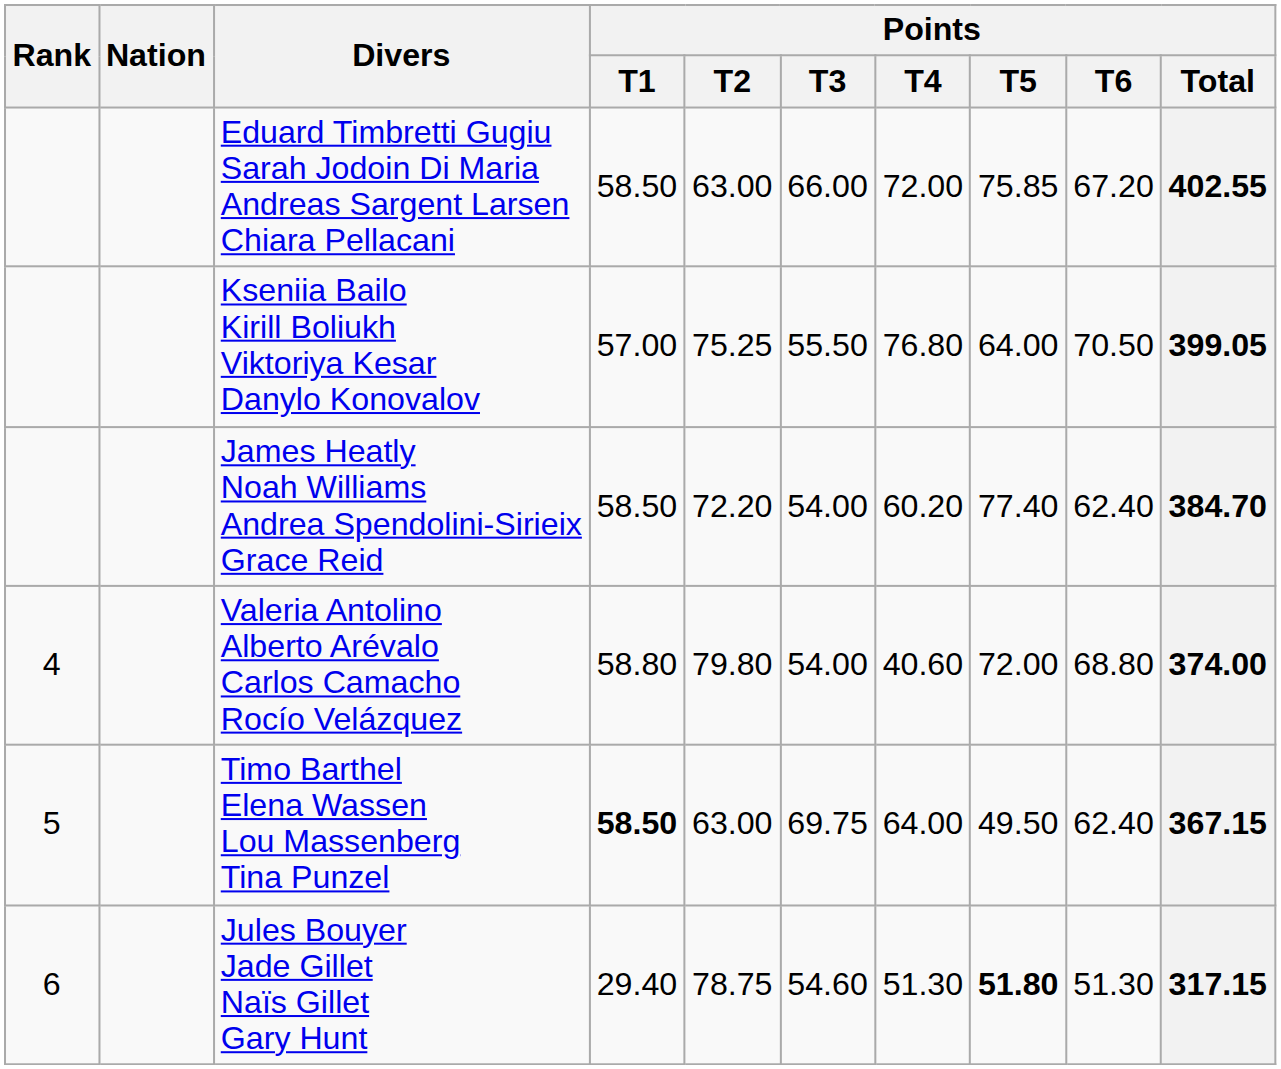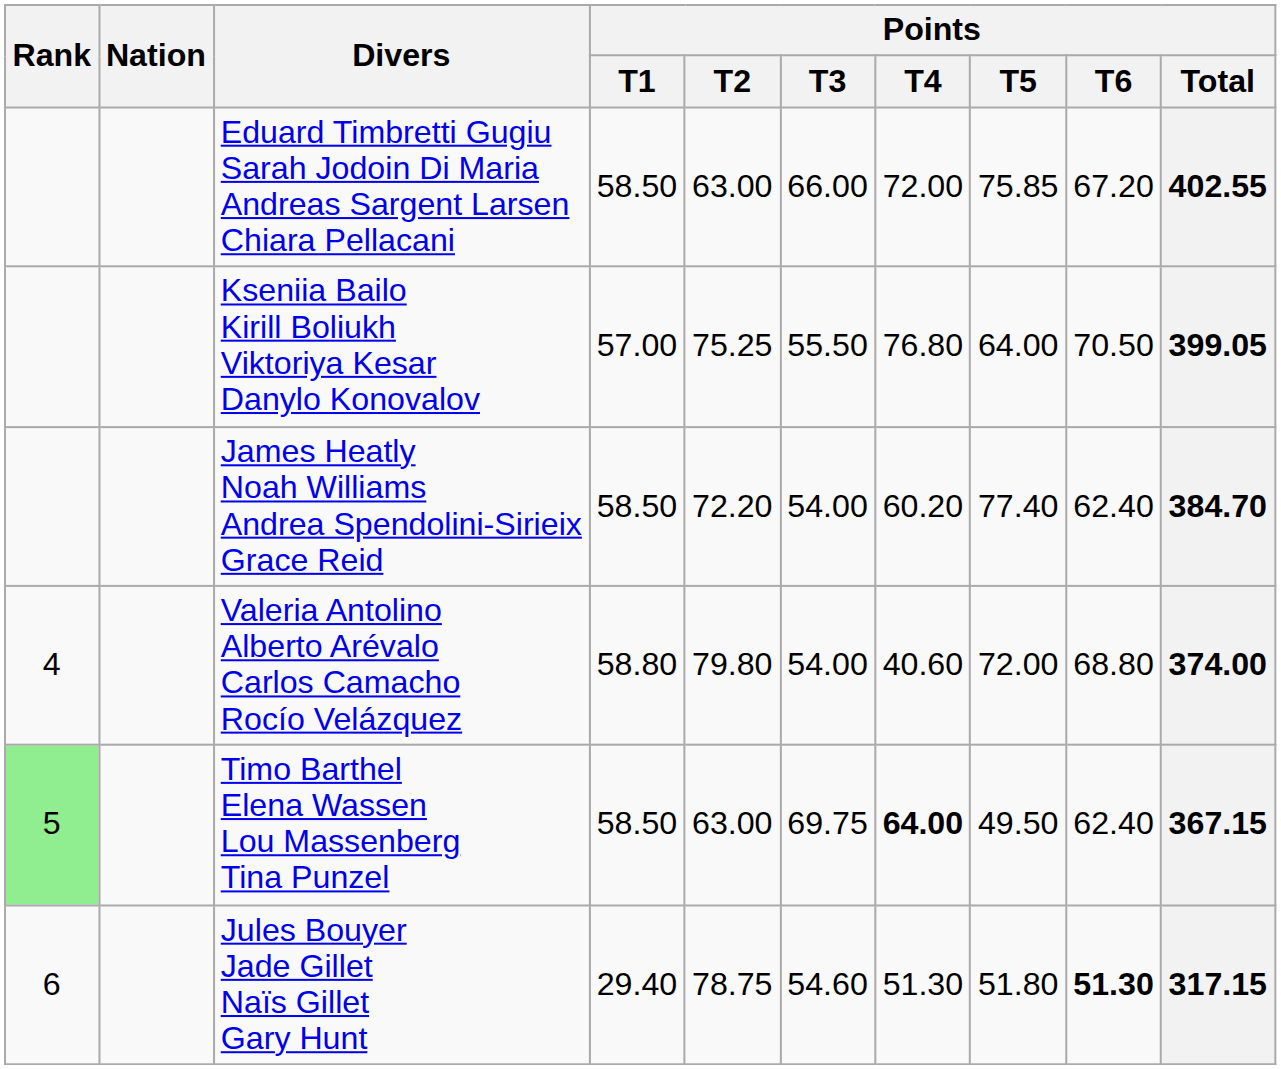 <table class="wikitable" style="text-align:center">
 <tr>
 <th rowspan=2>Rank</th>
 <th rowspan=2>Nation</th>
 <th rowspan=2>Divers</th>
 <th colspan=7>Points</th>
 </tr>
 <tr>
 <th>T1</th>
 <th>T2</th>
 <th>T3</th>
 <th>T4</th>
 <th>T5</th>
 <th>T6</th>
 <th>Total</th>
 </tr>
 <tr>
 <td></td>
 <td align=left></td>
 <td align=left><a href='#'>Eduard Timbretti Gugiu</a><br><a href='#'>Sarah Jodoin Di Maria</a><br><a href='#'>Andreas Sargent Larsen</a><br><a href='#'>Chiara Pellacani</a></td>
 <td>58.50</td>
 <td>63.00</td>
 <td>66.00</td>
 <td>72.00</td>
 <td>75.85</td>
 <td>67.20</td>
 <th>402.55</th>
 </tr>
 <tr>
 <td></td>
 <td align=left></td>
 <td align=left><a href='#'>Kseniia Bailo</a><br><a href='#'>Kirill Boliukh</a><br><a href='#'>Viktoriya Kesar</a><br><a href='#'>Danylo Konovalov</a></td>
 <td>57.00</td>
 <td>75.25</td>
 <td>55.50</td>
 <td>76.80</td>
 <td>64.00</td>
 <td>70.50</td>
 <th>399.05</th>
 </tr>
 <tr>
 <td></td>
 <td align=left></td>
 <td align=left><a href='#'>James Heatly</a><br><a href='#'>Noah Williams</a><br><a href='#'>Andrea Spendolini-Sirieix</a><br><a href='#'>Grace Reid</a></td>
 <td>58.50</td>
 <td>72.20</td>
 <td>54.00</td>
 <td>60.20</td>
 <td>77.40</td>
 <td>62.40</td>
 <th>384.70</th>
 </tr>
 <tr>
 <td>4</td>
 <td align=left></td>
 <td align=left><a href='#'>Valeria Antolino</a><br><a href='#'>Alberto Arévalo</a><br><a href='#'>Carlos Camacho</a><br><a href='#'>Rocío Velázquez</a></td>
 <td>58.80</td>
 <td>79.80</td>
 <td>54.00</td>
 <td>40.60</td>
 <td>72.00</td>
 <td>68.80</td>
 <th>374.00</th>
 </tr>
 <tr>
-<td>5</td>
+<td style="background: lightgreen;">5</td>
 <td align=left></td>
 <td align=left><a href='#'>Timo Barthel</a><br><a href='#'>Elena Wassen</a><br><a href='#'>Lou Massenberg</a><br><a href='#'>Tina Punzel</a></td>
-<td><strong>58.50</strong></td>
+<td>58.50</td>
 <td>63.00</td>
 <td>69.75</td>
-<td>64.00</td>
+<td><strong>64.00</strong></td>
 <td>49.50</td>
 <td>62.40</td>
 <th>367.15</th>
 </tr>
 <tr>
 <td>6</td>
 <td align=left></td>
 <td align=left><a href='#'>Jules Bouyer</a><br><a href='#'>Jade Gillet</a><br><a href='#'>Naïs Gillet</a><br><a href='#'>Gary Hunt</a></td>
 <td>29.40</td>
 <td>78.75</td>
 <td>54.60</td>
 <td>51.30</td>
-<td><strong>51.80</strong></td>
-<td>51.30</td>
+<td>51.80</td>
+<td><strong>51.30</strong></td>
 <th>317.15</th>
 </tr>
 </table>
